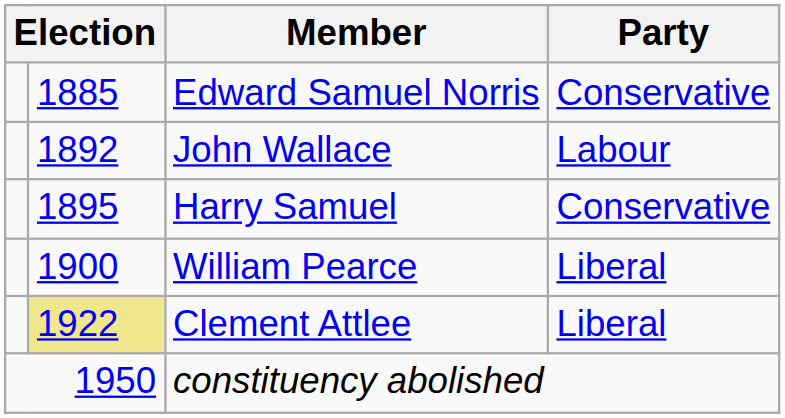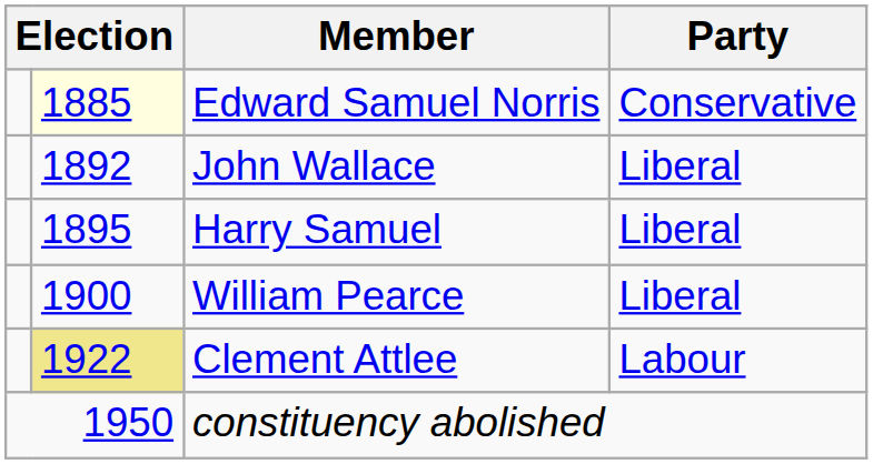 <table class="wikitable">
 <tr>
 <th colspan="2">Election</th>
 <th>Member</th>
 <th>Party</th>
 </tr>
 <tr>
 <td style="color:inherit;background-color: "></td>
-<td><a href='#'>1885</a></td>
+<td style="background: lightyellow;"><a href='#'>1885</a></td>
 <td><a href='#'>Edward Samuel Norris</a></td>
 <td><a href='#'>Conservative</a></td>
 </tr>
 <tr>
 <td style="color:inherit;background-color: "></td>
 <td><a href='#'>1892</a></td>
 <td><a href='#'>John Wallace</a></td>
-<td><a href='#'>Labour</a></td>
+<td><a href='#'>Liberal</a></td>
 </tr>
 <tr>
 <td style="color:inherit;background-color: "></td>
 <td><a href='#'>1895</a></td>
 <td><a href='#'>Harry Samuel</a></td>
-<td><a href='#'>Conservative</a></td>
+<td><a href='#'>Liberal</a></td>
 </tr>
 <tr>
 <td style="color:inherit;background-color: "></td>
 <td><a href='#'>1900</a></td>
 <td><a href='#'>William Pearce</a></td>
 <td><a href='#'>Liberal</a></td>
 </tr>
 <tr>
 <td style="color:inherit;background-color: "></td>
 <td style="background: khaki;"><a href='#'>1922</a></td>
 <td><a href='#'>Clement Attlee</a></td>
-<td><a href='#'>Liberal</a></td>
+<td><a href='#'>Labour</a></td>
 </tr>
 <tr>
 <td colspan="2" align="right"><a href='#'>1950</a></td>
 <td colspan="2"><em>constituency abolished</em></td>
 </tr>
 </table>
